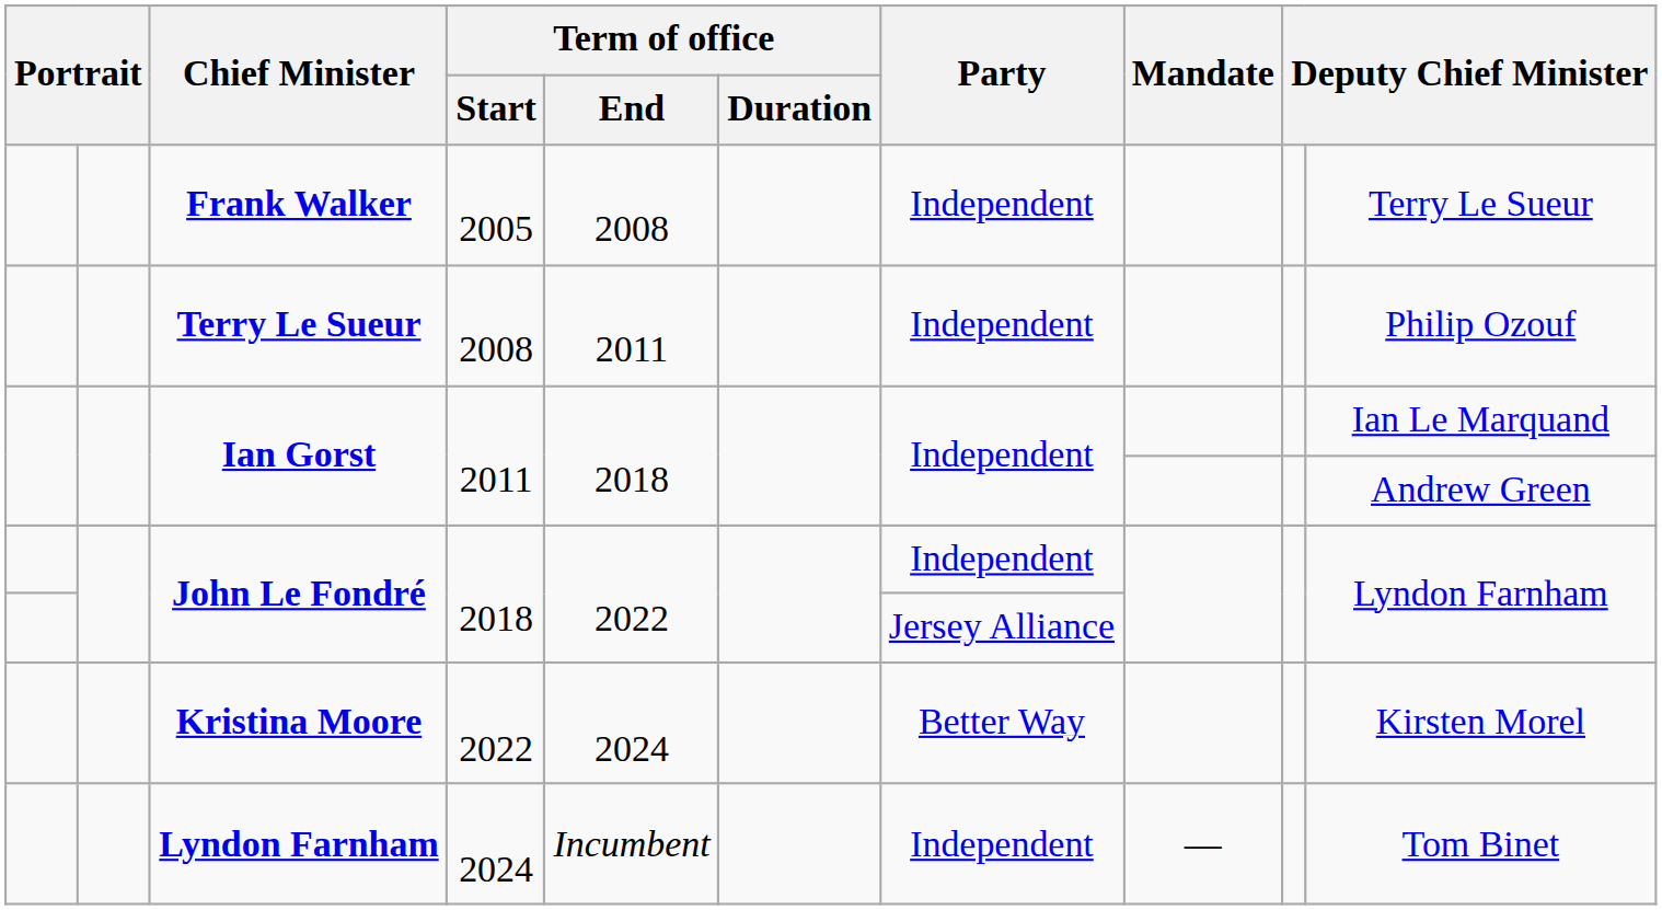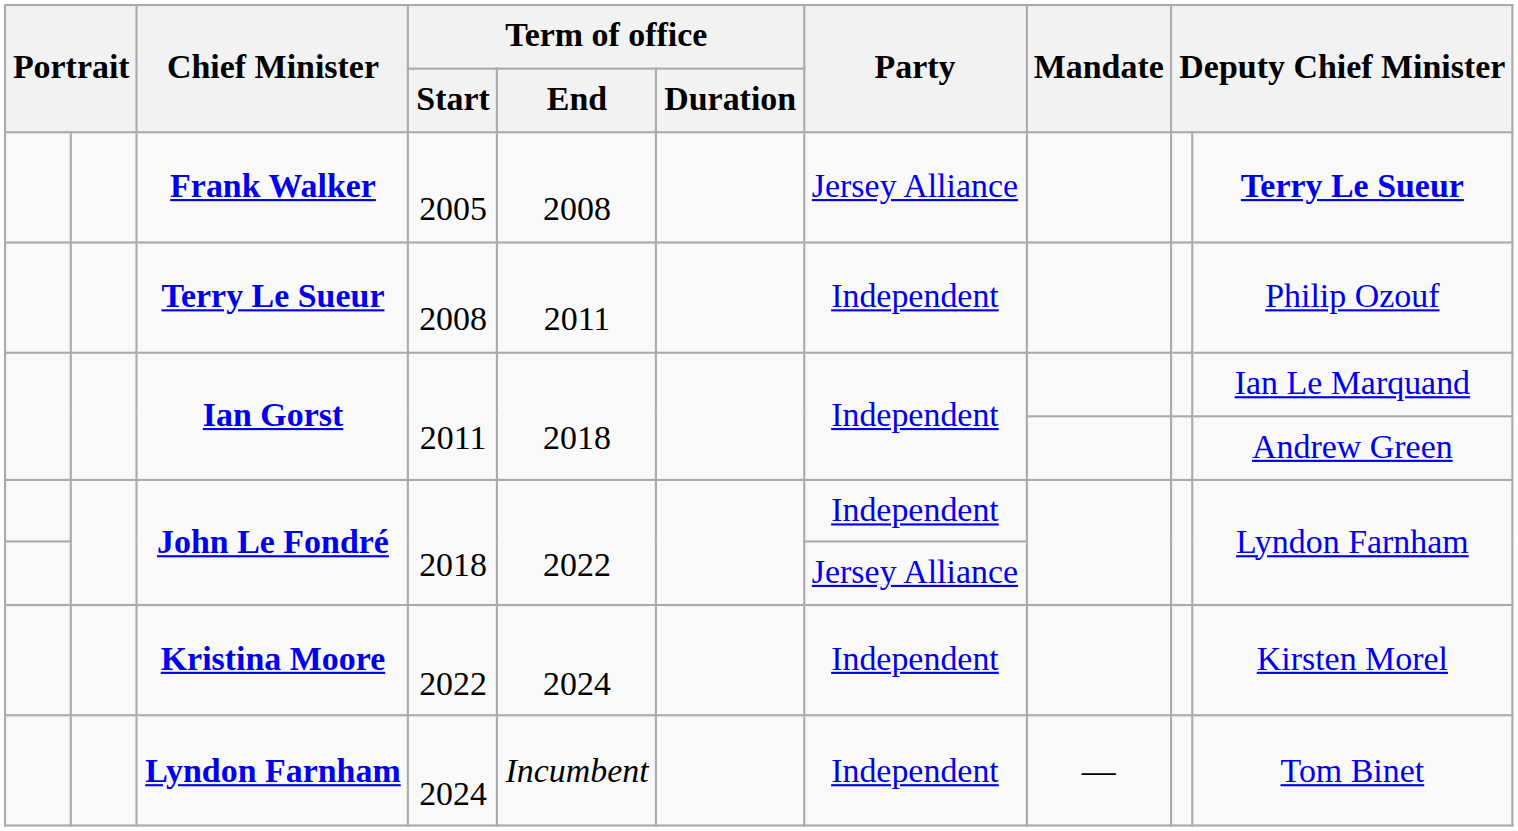 <table class="wikitable" style="line-height:1.4em; text-align:center;">
 <tr>
 <th colspan="2" rowspan="2" scope="col">Portrait</th>
 <th rowspan="2" scope="col">Chief Minister<br></th>
 <th colspan="3" scope="colgroup">Term of office</th>
 <th rowspan="2" scope="col">Party</th>
 <th rowspan="2" scope="col">Mandate</th>
 <th colspan="2" rowspan="2" scope="col">Deputy Chief Minister<br></th>
 </tr>
 <tr>
 <th>Start</th>
 <th>End</th>
 <th>Duration</th>
 </tr>
 <tr>
 <td rowspan=1 style="background:"></td>
 <td rowspan=1></td>
 <td rowspan=1><strong><a href='#'>Frank Walker</a></strong><br></td>
 <td rowspan=1 class=nowrap><br>2005</td>
 <td rowspan=1 class=nowrap><br>2008</td>
 <td rowspan=1></td>
-<td rowspan=1 ><a href='#'>Independent</a></td>
+<td><a href='#'>Jersey Alliance</a></td>
 <td rowspan=1 ></td>
 <td rowspan=1 ></td>
-<td rowspan=1><a href='#'>Terry Le Sueur</a><br></td>
+<td rowspan=1><strong><a href='#'>Terry Le Sueur</a><br></strong></td>
 </tr>
 <tr>
 <td rowspan=1 style="background:"></td>
 <td rowspan=1></td>
 <td rowspan=1><strong><a href='#'>Terry Le Sueur</a></strong><br></td>
 <td rowspan=1 class=nowrap><br>2008</td>
 <td rowspan=1 class=nowrap><br>2011</td>
 <td rowspan=1></td>
 <td rowspan=1 ><a href='#'>Independent</a></td>
 <td rowspan=1 ></td>
 <td rowspan=1 ></td>
 <td rowspan=1><a href='#'>Philip Ozouf</a><br></td>
 </tr>
 <tr>
 <td rowspan=2 style="background:"></td>
 <td rowspan=2></td>
 <td rowspan=2><strong><a href='#'>Ian Gorst</a></strong><br></td>
 <td rowspan=2 class=nowrap><br>2011</td>
 <td rowspan=2 class=nowrap><br>2018</td>
 <td rowspan=2></td>
 <td rowspan=2 ><a href='#'>Independent</a></td>
 <td></td>
 <td></td>
 <td rowspan=1><a href='#'>Ian Le Marquand</a><br></td>
 </tr>
 <tr>
 <td></td>
 <td></td>
 <td rowspan=1><a href='#'>Andrew Green</a><br></td>
 </tr>
 <tr>
 <td style="background:"></td>
 <td rowspan=2></td>
 <td rowspan=2><strong><a href='#'>John Le Fondré</a></strong><br></td>
 <td rowspan=2 class=nowrap><br>2018</td>
 <td rowspan=2 class=nowrap><br>2022</td>
 <td rowspan=2></td>
 <td><a href='#'>Independent</a></td>
 <td rowspan=2 ></td>
 <td rowspan=2 ></td>
 <td rowspan=2><a href='#'>Lyndon Farnham</a><br></td>
 </tr>
 <tr>
 <td style="background:"></td>
 <td><a href='#'>Jersey Alliance</a></td>
 </tr>
 <tr>
 <td rowspan=1 style="background:"></td>
 <td rowspan=1></td>
 <td rowspan=1><strong><a href='#'>Kristina Moore</a></strong><br></td>
 <td rowspan=1 class=nowrap><br>2022</td>
 <td rowspan=1 class=nowrap><br>2024</td>
 <td rowspan=1></td>
-<td rowspan=1 ><a href='#'>Better Way</a></td>
+<td><a href='#'>Independent</a></td>
 <td rowspan=1 ></td>
 <td rowspan=1 ></td>
 <td rowspan=1><a href='#'>Kirsten Morel</a><br></td>
 </tr>
 <tr>
 <td rowspan=1 style="background:"></td>
 <td rowspan=1></td>
 <td rowspan=1><strong><a href='#'>Lyndon Farnham</a></strong><br></td>
 <td rowspan=1 class=nowrap><br>2024</td>
 <td rowspan=1 class=nowrap><em>Incumbent</em></td>
 <td rowspan=1></td>
 <td rowspan=1 ><a href='#'>Independent</a></td>
 <td rowspan=1 >—</td>
 <td rowspan=1 ></td>
 <td rowspan=1><a href='#'>Tom Binet</a><br></td>
 </tr>
 </table>
